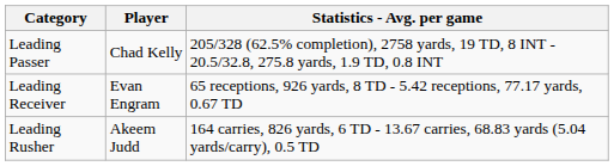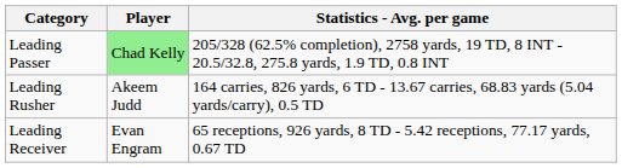 <table class="wikitable" style="float: left;">
 <tr>
 <th>Category</th>
 <th>Player</th>
 <th>Statistics - Avg. per game</th>
 </tr>
 <tr>
 <td>Leading Passer</td>
-<td>Chad Kelly</td>
+<td style="background: lightgreen;">Chad Kelly</td>
 <td>205/328 (62.5% completion), 2758 yards, 19 TD, 8 INT - 20.5/32.8, 275.8 yards, 1.9 TD, 0.8 INT</td>
+</tr>
+<tr>
+<td>Leading Rusher</td>
+<td>Akeem Judd</td>
+<td>164 carries, 826 yards, 6 TD - 13.67 carries, 68.83 yards (5.04 yards/carry), 0.5 TD</td>
 </tr>
 <tr>
 <td>Leading Receiver</td>
 <td>Evan Engram</td>
 <td>65 receptions, 926 yards, 8 TD - 5.42 receptions, 77.17 yards, 0.67 TD</td>
 </tr>
-<tr>
-<td>Leading Rusher</td>
-<td>Akeem Judd</td>
-<td>164 carries, 826 yards, 6 TD - 13.67 carries, 68.83 yards (5.04 yards/carry), 0.5 TD</td>
-</tr>
 </table>
